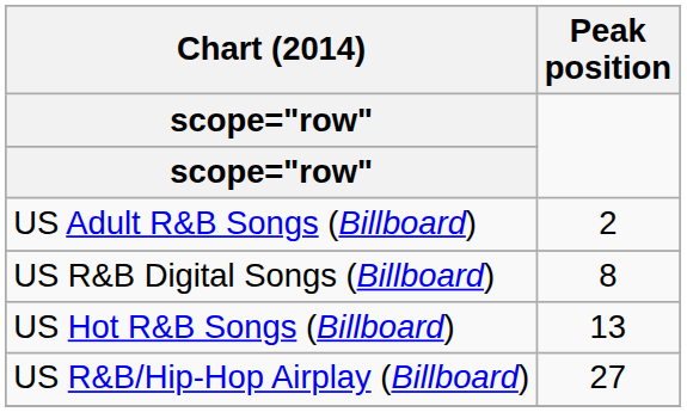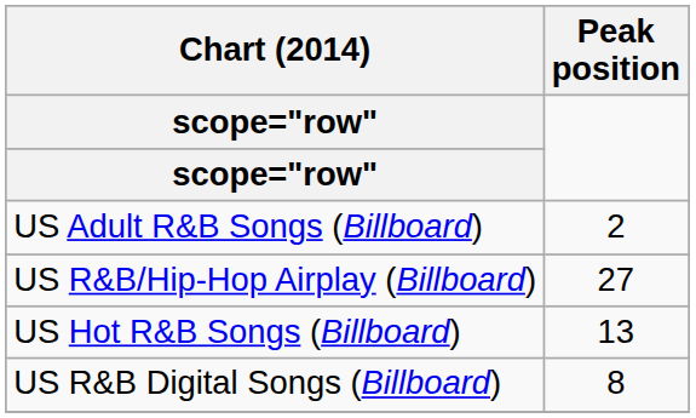 <table class="wikitable sortable plainrowheaders" style="text-align:left;">
 <tr>
 <th scope="col">Chart (2014)</th>
 <th scope="col">Peak<br>position</th>
 </tr>
 <tr>
 <th>scope="row"</th>
 </tr>
 <tr>
 <th>scope="row"</th>
 </tr>
 <tr>
 <td>US <a href='#'>Adult R&B Songs</a> (<a href='#'><em>Billboard</em></a>)</td>
 <td style="text-align:center;">2</td>
 </tr>
 <tr>
-<td>US R&B Digital Songs (<a href='#'><em>Billboard</em></a>)</td>
-<td style="text-align:center;">8</td>
+<td>US <a href='#'>R&B/Hip-Hop Airplay</a> (<a href='#'><em>Billboard</em></a>)</td>
+<td style="text-align:center;">27</td>
 </tr>
 <tr>
 <td>US <a href='#'>Hot R&B Songs</a> (<a href='#'><em>Billboard</em></a>)</td>
 <td style="text-align:center;">13</td>
 </tr>
 <tr>
-<td>US <a href='#'>R&B/Hip-Hop Airplay</a> (<a href='#'><em>Billboard</em></a>)</td>
-<td style="text-align:center;">27</td>
+<td>US R&B Digital Songs (<a href='#'><em>Billboard</em></a>)</td>
+<td style="text-align:center;">8</td>
 </tr>
 <tr>
 </tr>
 </table>
